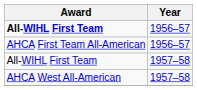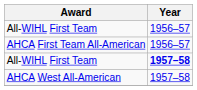 <table class="wikitable">
 <tr>
 <th>Award</th>
 <th>Year</th>
 </tr>
 <tr>
-<td><strong>All-<a href='#'>WIHL</a> <a href='#'>First Team</a></strong></td>
+<td>All-<a href='#'>WIHL</a> <a href='#'>First Team</a></td>
 <td><a href='#'>1956–57</a></td>
 </tr>
 <tr>
 <td><a href='#'>AHCA</a> <a href='#'>First Team All-American</a></td>
 <td><a href='#'>1956–57</a></td>
 </tr>
 <tr>
 <td>All-<a href='#'>WIHL</a> <a href='#'>First Team</a></td>
-<td><a href='#'>1957–58</a></td>
+<td><strong><a href='#'>1957–58</a></strong></td>
 </tr>
 <tr>
 <td><a href='#'>AHCA</a> <a href='#'>West All-American</a></td>
 <td><a href='#'>1957–58</a></td>
 </tr>
 <tr>
 </tr>
 </table>
